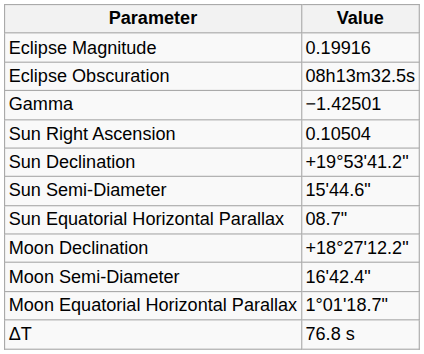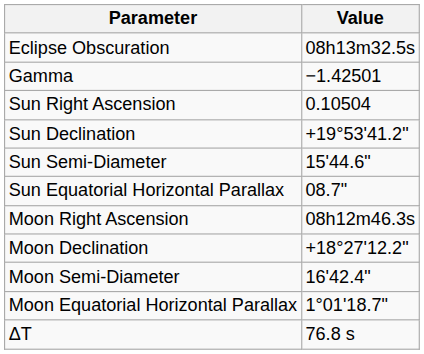 <table class="wikitable">
 <tr>
 <th>Parameter</th>
 <th>Value</th>
-</tr>
-<tr>
-<td>Eclipse Magnitude</td>
-<td>0.19916</td>
 </tr>
 <tr>
 <td>Eclipse Obscuration</td>
 <td>08h13m32.5s</td>
 </tr>
 <tr>
 <td>Gamma</td>
 <td>−1.42501</td>
 </tr>
 <tr>
 <td>Sun Right Ascension</td>
 <td>0.10504</td>
 </tr>
 <tr>
 <td>Sun Declination</td>
 <td>+19°53'41.2"</td>
 </tr>
 <tr>
 <td>Sun Semi-Diameter</td>
 <td>15'44.6"</td>
 </tr>
 <tr>
 <td>Sun Equatorial Horizontal Parallax</td>
 <td>08.7"</td>
 </tr>
 <tr>
+<td>Moon Right Ascension</td>
+<td>08h12m46.3s</td>
+</tr>
+<tr>
 <td>Moon Declination</td>
 <td>+18°27'12.2"</td>
 </tr>
 <tr>
 <td>Moon Semi-Diameter</td>
 <td>16'42.4"</td>
 </tr>
 <tr>
 <td>Moon Equatorial Horizontal Parallax</td>
 <td>1°01'18.7"</td>
 </tr>
 <tr>
 <td>ΔT</td>
 <td>76.8 s</td>
 </tr>
 </table>
